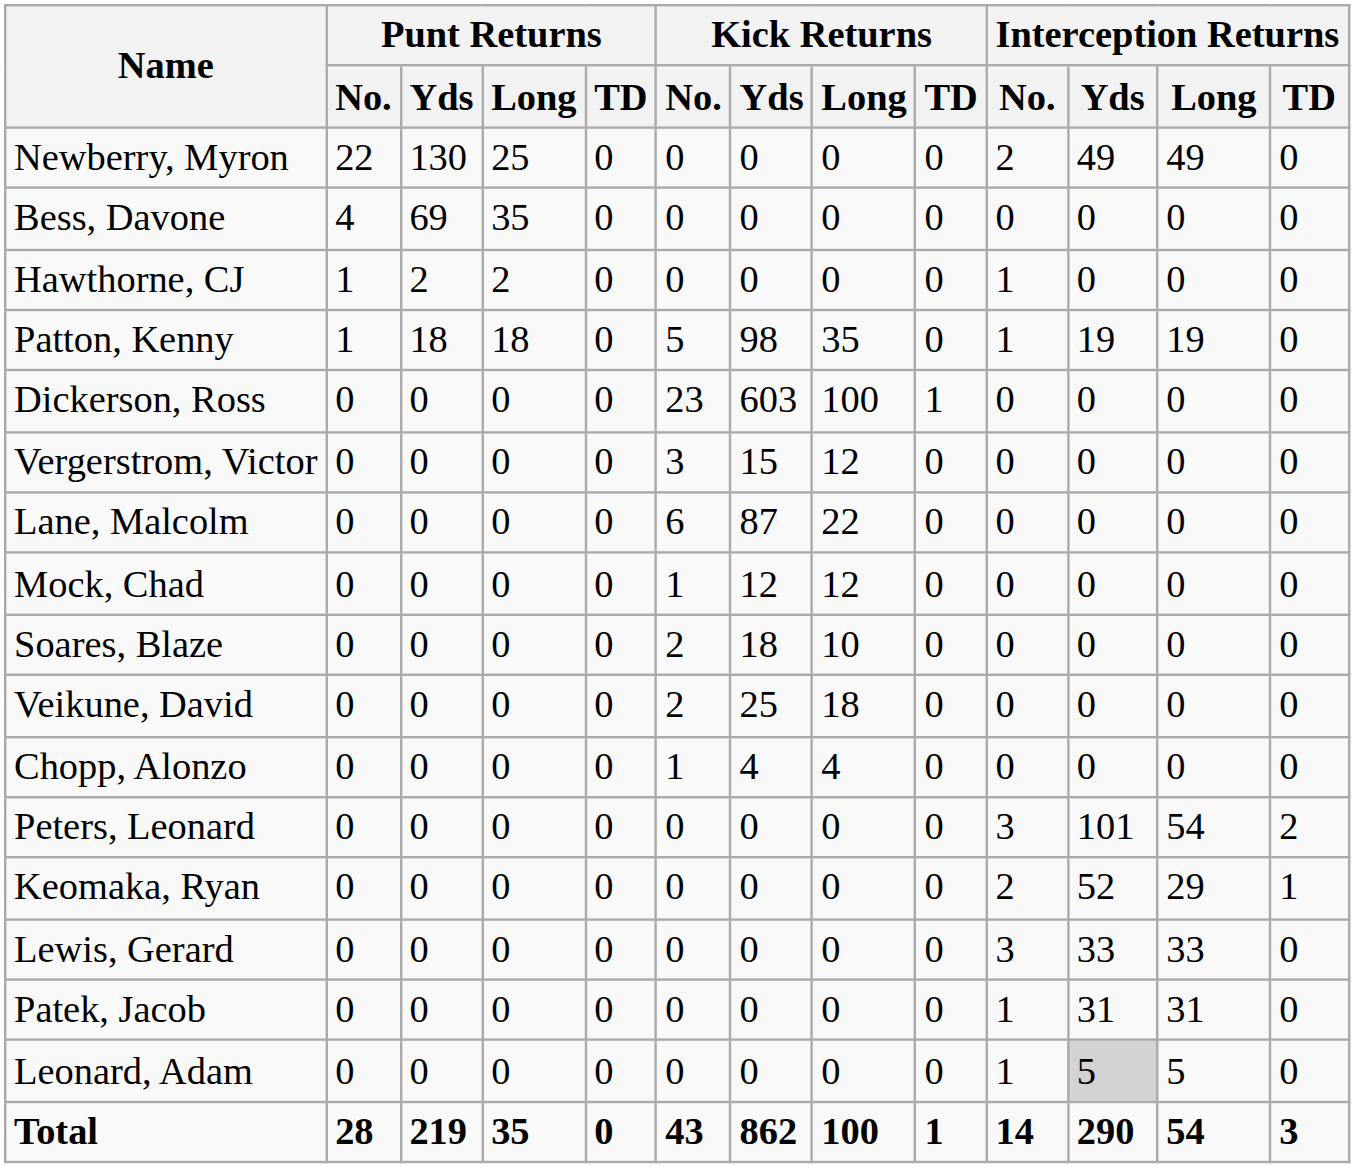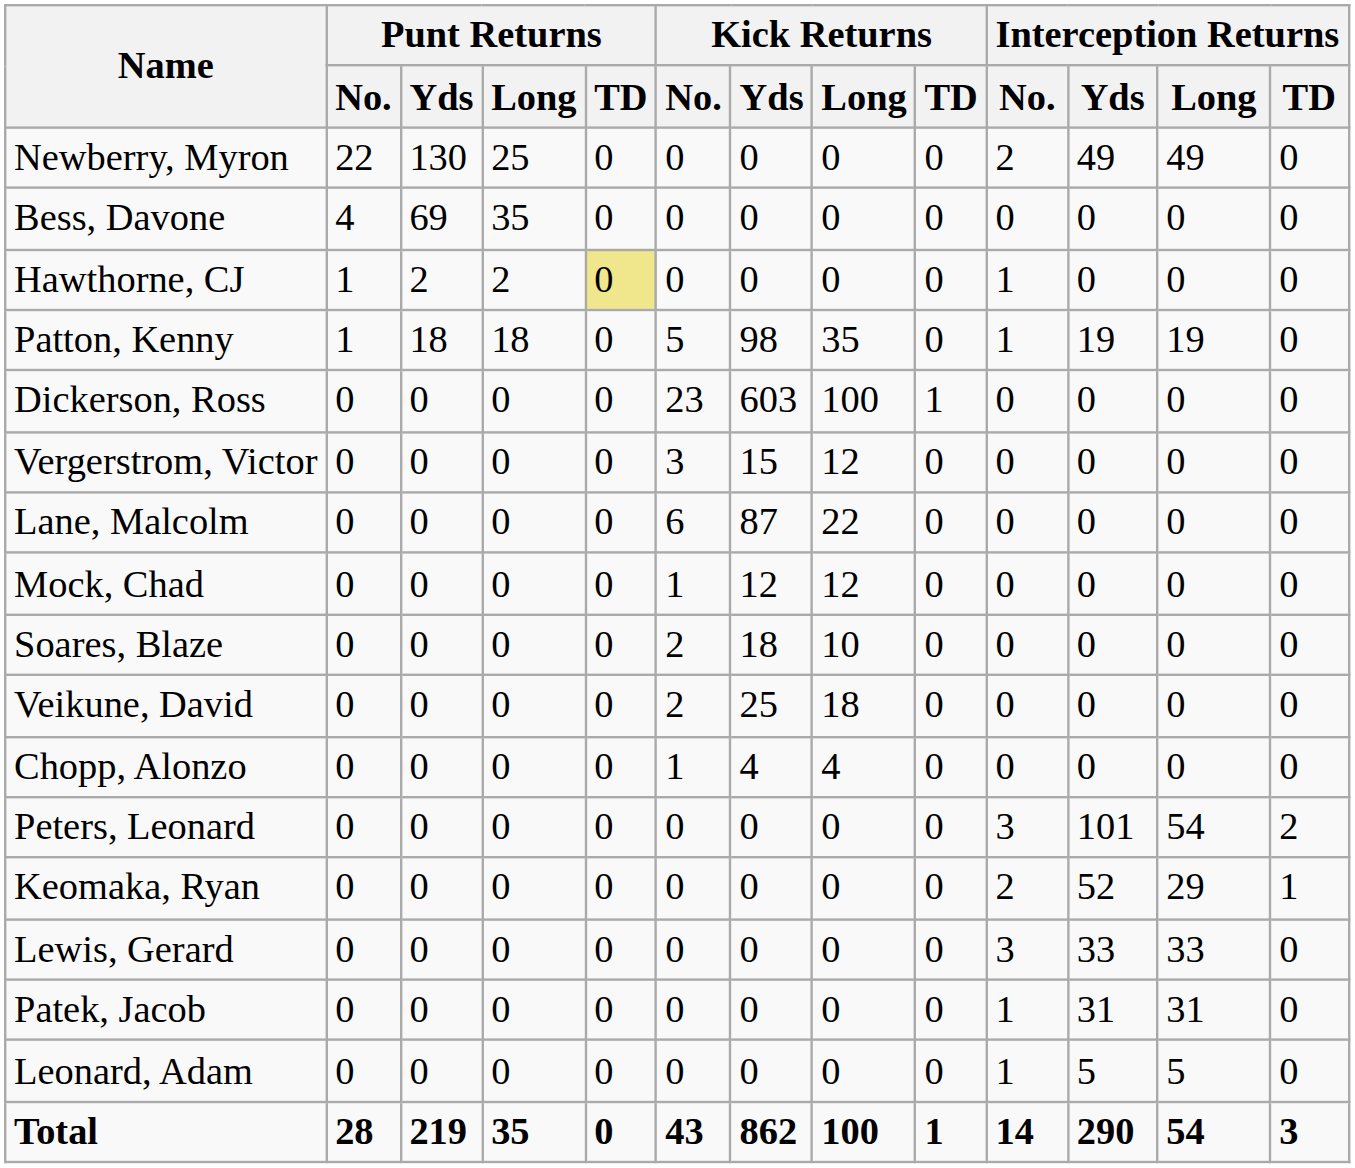 <table class="wikitable" style="white-space:nowrap;">
 <tr>
 <th rowspan="2">Name</th>
 <th colspan="4">Punt Returns</th>
 <th colspan="4">Kick Returns</th>
 <th colspan="4">Interception Returns</th>
 </tr>
 <tr>
 <th>No.</th>
 <th>Yds</th>
 <th>Long</th>
 <th>TD</th>
 <th>No.</th>
 <th>Yds</th>
 <th>Long</th>
 <th>TD</th>
 <th>No.</th>
 <th>Yds</th>
 <th>Long</th>
 <th>TD</th>
 </tr>
 <tr>
 <td>Newberry, Myron</td>
 <td>22</td>
 <td>130</td>
 <td>25</td>
 <td>0</td>
 <td>0</td>
 <td>0</td>
 <td>0</td>
 <td>0</td>
 <td>2</td>
 <td>49</td>
 <td>49</td>
 <td>0</td>
 </tr>
 <tr>
 <td>Bess, Davone</td>
 <td>4</td>
 <td>69</td>
 <td>35</td>
 <td>0</td>
 <td>0</td>
 <td>0</td>
 <td>0</td>
 <td>0</td>
 <td>0</td>
 <td>0</td>
 <td>0</td>
 <td>0</td>
 </tr>
 <tr>
 <td>Hawthorne, CJ</td>
 <td>1</td>
 <td>2</td>
 <td>2</td>
-<td>0</td>
+<td style="background: khaki;">0</td>
 <td>0</td>
 <td>0</td>
 <td>0</td>
 <td>0</td>
 <td>1</td>
 <td>0</td>
 <td>0</td>
 <td>0</td>
 </tr>
 <tr>
 <td>Patton, Kenny</td>
 <td>1</td>
 <td>18</td>
 <td>18</td>
 <td>0</td>
 <td>5</td>
 <td>98</td>
 <td>35</td>
 <td>0</td>
 <td>1</td>
 <td>19</td>
 <td>19</td>
 <td>0</td>
 </tr>
 <tr>
 <td>Dickerson, Ross</td>
 <td>0</td>
 <td>0</td>
 <td>0</td>
 <td>0</td>
 <td>23</td>
 <td>603</td>
 <td>100</td>
 <td>1</td>
 <td>0</td>
 <td>0</td>
 <td>0</td>
 <td>0</td>
 </tr>
 <tr>
 <td>Vergerstrom, Victor</td>
 <td>0</td>
 <td>0</td>
 <td>0</td>
 <td>0</td>
 <td>3</td>
 <td>15</td>
 <td>12</td>
 <td>0</td>
 <td>0</td>
 <td>0</td>
 <td>0</td>
 <td>0</td>
 </tr>
 <tr>
 <td>Lane, Malcolm</td>
 <td>0</td>
 <td>0</td>
 <td>0</td>
 <td>0</td>
 <td>6</td>
 <td>87</td>
 <td>22</td>
 <td>0</td>
 <td>0</td>
 <td>0</td>
 <td>0</td>
 <td>0</td>
 </tr>
 <tr>
 <td>Mock, Chad</td>
 <td>0</td>
 <td>0</td>
 <td>0</td>
 <td>0</td>
 <td>1</td>
 <td>12</td>
 <td>12</td>
 <td>0</td>
 <td>0</td>
 <td>0</td>
 <td>0</td>
 <td>0</td>
 </tr>
 <tr>
 <td>Soares, Blaze</td>
 <td>0</td>
 <td>0</td>
 <td>0</td>
 <td>0</td>
 <td>2</td>
 <td>18</td>
 <td>10</td>
 <td>0</td>
 <td>0</td>
 <td>0</td>
 <td>0</td>
 <td>0</td>
 </tr>
 <tr>
 <td>Veikune, David</td>
 <td>0</td>
 <td>0</td>
 <td>0</td>
 <td>0</td>
 <td>2</td>
 <td>25</td>
 <td>18</td>
 <td>0</td>
 <td>0</td>
 <td>0</td>
 <td>0</td>
 <td>0</td>
 </tr>
 <tr>
 <td>Chopp, Alonzo</td>
 <td>0</td>
 <td>0</td>
 <td>0</td>
 <td>0</td>
 <td>1</td>
 <td>4</td>
 <td>4</td>
 <td>0</td>
 <td>0</td>
 <td>0</td>
 <td>0</td>
 <td>0</td>
 </tr>
 <tr>
 <td>Peters, Leonard</td>
 <td>0</td>
 <td>0</td>
 <td>0</td>
 <td>0</td>
 <td>0</td>
 <td>0</td>
 <td>0</td>
 <td>0</td>
 <td>3</td>
 <td>101</td>
 <td>54</td>
 <td>2</td>
 </tr>
 <tr>
 <td>Keomaka, Ryan</td>
 <td>0</td>
 <td>0</td>
 <td>0</td>
 <td>0</td>
 <td>0</td>
 <td>0</td>
 <td>0</td>
 <td>0</td>
 <td>2</td>
 <td>52</td>
 <td>29</td>
 <td>1</td>
 </tr>
 <tr>
 <td>Lewis, Gerard</td>
 <td>0</td>
 <td>0</td>
 <td>0</td>
 <td>0</td>
 <td>0</td>
 <td>0</td>
 <td>0</td>
 <td>0</td>
 <td>3</td>
 <td>33</td>
 <td>33</td>
 <td>0</td>
 </tr>
 <tr>
 <td>Patek, Jacob</td>
 <td>0</td>
 <td>0</td>
 <td>0</td>
 <td>0</td>
 <td>0</td>
 <td>0</td>
 <td>0</td>
 <td>0</td>
 <td>1</td>
 <td>31</td>
 <td>31</td>
 <td>0</td>
 </tr>
 <tr>
 <td>Leonard, Adam</td>
 <td>0</td>
 <td>0</td>
 <td>0</td>
 <td>0</td>
 <td>0</td>
 <td>0</td>
 <td>0</td>
 <td>0</td>
 <td>1</td>
-<td style="background: lightgrey;">5</td>
+<td>5</td>
 <td>5</td>
 <td>0</td>
 </tr>
 <tr style="font-weight:bold;">
 <td>Total</td>
 <td>28</td>
 <td>219</td>
 <td>35</td>
 <td>0</td>
 <td>43</td>
 <td>862</td>
 <td>100</td>
 <td>1</td>
 <td>14</td>
 <td>290</td>
 <td>54</td>
 <td>3</td>
 </tr>
 </table>
